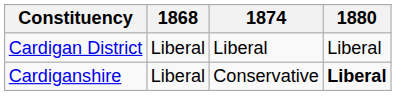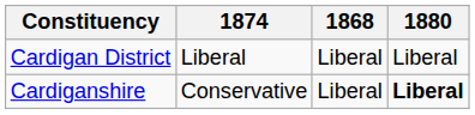 <table class="wikitable">
 <tr>
 <th>Constituency</th>
+<th>1874</th>
 <th>1868</th>
-<th>1874</th>
 <th>1880</th>
 </tr>
 <tr>
 <td><a href='#'>Cardigan District</a></td>
 <td>Liberal</td>
 <td>Liberal</td>
 <td>Liberal</td>
 </tr>
 <tr>
 <td><a href='#'>Cardiganshire</a></td>
+<td>Conservative</td>
 <td>Liberal</td>
-<td>Conservative</td>
 <td><strong>Liberal</strong></td>
 </tr>
 </table>
